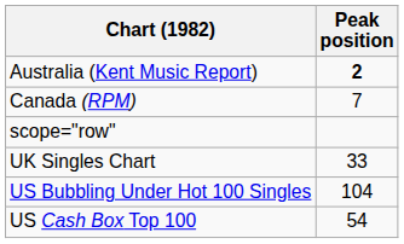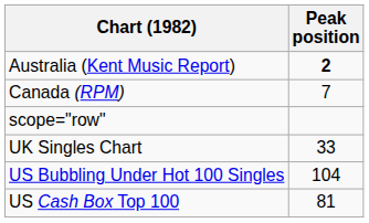 <table class="wikitable sortable plainrowheaders">
 <tr>
 <th scope="col">Chart (1982)</th>
 <th scope="col">Peak<br>position</th>
 </tr>
 <tr>
 <td>Australia (<a href='#'>Kent Music Report</a>)</td>
 <td style="text-align:center;"><strong>2</strong></td>
 </tr>
 <tr>
 <td>Canada <em>(<a href='#'>RPM</a>)</em></td>
 <td align="center">7</td>
 </tr>
 <tr>
 <td>scope="row"</td>
 </tr>
 <tr>
 <td>UK Singles Chart</td>
 <td align="center">33</td>
 </tr>
 <tr>
 <td><a href='#'>US Bubbling Under Hot 100 Singles</a></td>
 <td align="center">104</td>
 </tr>
 <tr>
 <td align="left">US <a href='#'><em>Cash Box</em> Top 100</a></td>
-<td align="center">54</td>
+<td align="center">81</td>
 </tr>
 </table>
